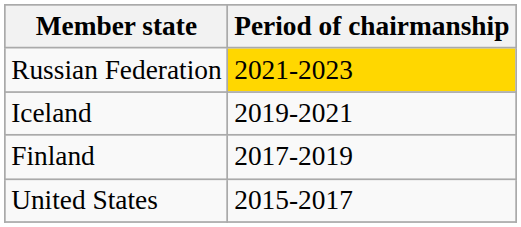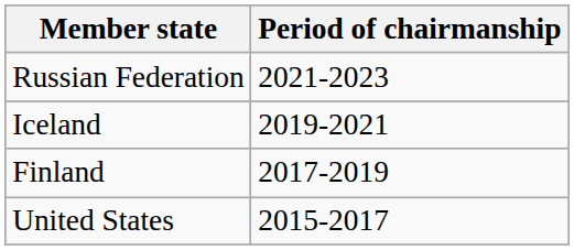 <table class="wikitable">
 <tr>
 <th>Member state</th>
 <th>Period of chairmanship</th>
 </tr>
 <tr>
 <td>Russian Federation</td>
-<td style="background: gold;">2021-2023</td>
+<td>2021-2023</td>
 </tr>
 <tr>
 <td>Iceland</td>
 <td>2019-2021</td>
 </tr>
 <tr>
 <td>Finland</td>
 <td>2017-2019</td>
 </tr>
 <tr>
 <td>United States</td>
 <td>2015-2017</td>
 </tr>
 </table>
